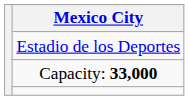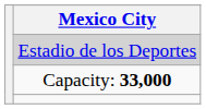 <table class="wikitable" style="text-align:center">
 <tr>
 <th rowspan="8"></th>
 </tr>
 <tr>
 <th><a href='#'>Mexico City</a></th>
 </tr>
 <tr>
-<td><a href='#'>Estadio de los Deportes</a></td>
+<td style="background: lightgrey;"><a href='#'>Estadio de los Deportes</a></td>
 </tr>
 <tr>
 <td>Capacity: <strong>33,000</strong></td>
 </tr>
 <tr>
 <td></td>
 </tr>
 </table>
